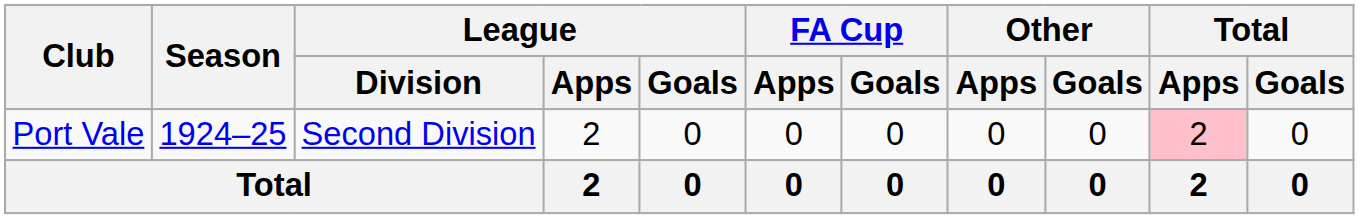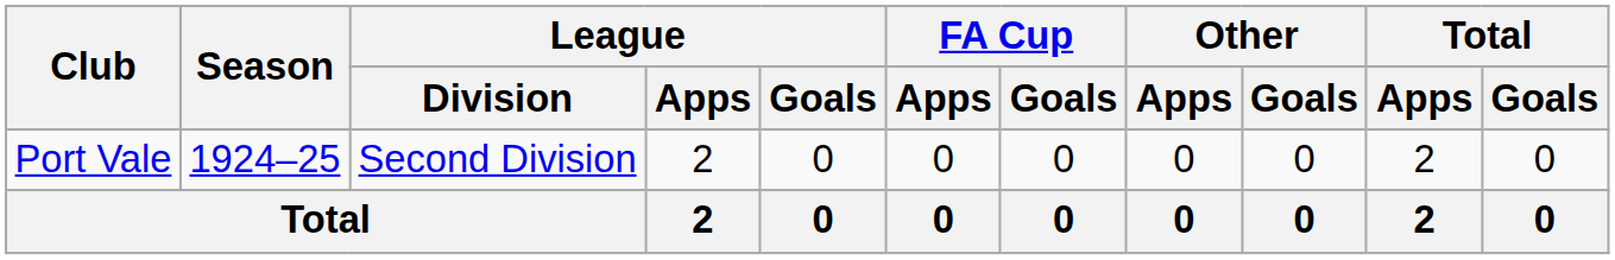 <table class="wikitable" style="text-align:center">
 <tr>
 <th rowspan="2">Club</th>
 <th rowspan="2">Season</th>
 <th colspan="3">League</th>
 <th colspan="2"><a href='#'>FA Cup</a></th>
 <th colspan="2">Other</th>
 <th colspan="2">Total</th>
 </tr>
 <tr>
 <th>Division</th>
 <th>Apps</th>
 <th>Goals</th>
 <th>Apps</th>
 <th>Goals</th>
 <th>Apps</th>
 <th>Goals</th>
 <th>Apps</th>
 <th>Goals</th>
 </tr>
 <tr>
 <td><a href='#'>Port Vale</a></td>
 <td><a href='#'>1924–25</a></td>
 <td><a href='#'>Second Division</a></td>
 <td>2</td>
 <td>0</td>
 <td>0</td>
 <td>0</td>
 <td>0</td>
 <td>0</td>
-<td style="background: pink;">2</td>
+<td>2</td>
 <td>0</td>
 </tr>
 <tr>
 <th colspan="3">Total</th>
 <th>2</th>
 <th>0</th>
 <th>0</th>
 <th>0</th>
 <th>0</th>
 <th>0</th>
 <th>2</th>
 <th>0</th>
 </tr>
 </table>
